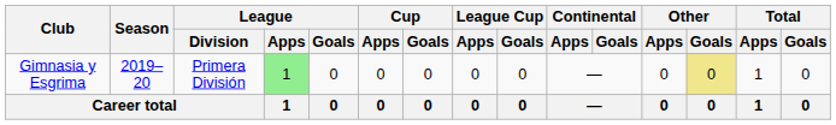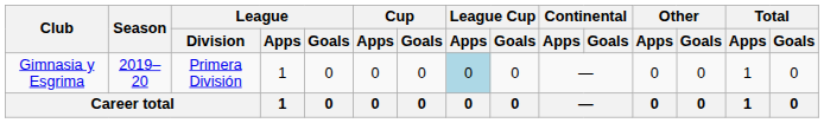 <table class="wikitable" style="text-align:center">
 <tr>
 <th rowspan="2">Club</th>
 <th rowspan="2">Season</th>
 <th colspan="3">League</th>
 <th colspan="2">Cup</th>
 <th colspan="2">League Cup</th>
 <th colspan="2">Continental</th>
 <th colspan="2">Other</th>
 <th colspan="2">Total</th>
 </tr>
 <tr>
 <th>Division</th>
 <th>Apps</th>
 <th>Goals</th>
 <th>Apps</th>
 <th>Goals</th>
 <th>Apps</th>
 <th>Goals</th>
 <th>Apps</th>
 <th>Goals</th>
 <th>Apps</th>
 <th>Goals</th>
 <th>Apps</th>
 <th>Goals</th>
 </tr>
 <tr>
 <td rowspan="1"><a href='#'>Gimnasia y Esgrima</a></td>
 <td><a href='#'>2019–20</a></td>
 <td rowspan="1"><a href='#'>Primera División</a></td>
-<td style="background: lightgreen;">1</td>
+<td>1</td>
 <td>0</td>
 <td>0</td>
 <td>0</td>
-<td>0</td>
+<td style="background: lightblue;">0</td>
 <td>0</td>
 <td colspan="2">—</td>
 <td>0</td>
-<td style="background: khaki;">0</td>
+<td>0</td>
 <td>1</td>
 <td>0</td>
 </tr>
 <tr>
 <th colspan="3">Career total</th>
 <th>1</th>
 <th>0</th>
 <th>0</th>
 <th>0</th>
 <th>0</th>
 <th>0</th>
 <th colspan="2">—</th>
 <th>0</th>
 <th>0</th>
 <th>1</th>
 <th>0</th>
 </tr>
 </table>
